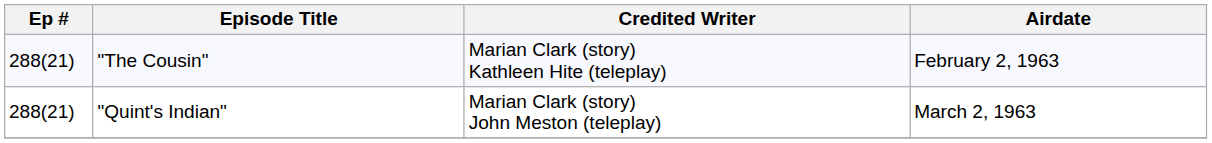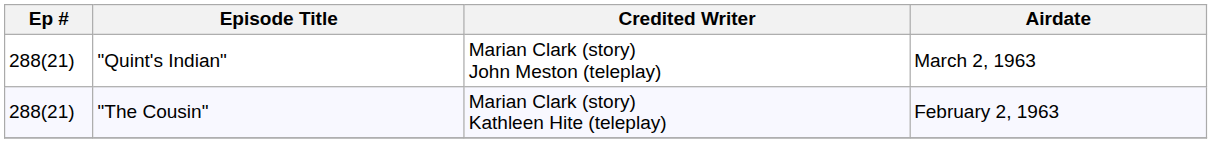 <table class=wikitable width=80%>
 <tr>
 <th width=5%>Ep #</th>
 <th width=25%>Episode Title</th>
 <th width=30%>Credited Writer</th>
 <th width=20%>Airdate</th>
-</tr>
-<tr bgcolor=#F8F8FF>
-<td>288(21)</td>
-<td>"The Cousin"</td>
-<td>Marian Clark (story)<br>Kathleen Hite (teleplay)</td>
-<td>February 2, 1963</td>
 </tr>
 <tr bgcolor=#FFFFFF>
 <td>288(21)</td>
 <td>"Quint's Indian"</td>
 <td>Marian Clark (story)<br>John Meston (teleplay)</td>
 <td>March 2, 1963</td>
 </tr>
 <tr bgcolor=#F8F8FF>
+<td>288(21)</td>
+<td>"The Cousin"</td>
+<td>Marian Clark (story)<br>Kathleen Hite (teleplay)</td>
+<td>February 2, 1963</td>
+</tr>
+<tr bgcolor=#F8F8FF>
 </tr>
 </table>
